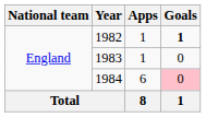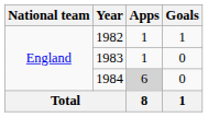 <table class="wikitable" style="text-align:center">
 <tr>
 <th>National team</th>
 <th>Year</th>
 <th>Apps</th>
 <th>Goals</th>
 </tr>
 <tr>
 <td rowspan="3"><a href='#'>England</a></td>
 <td>1982</td>
 <td>1</td>
-<td><strong>1</strong></td>
+<td>1</td>
 </tr>
 <tr>
 <td>1983</td>
 <td>1</td>
 <td>0</td>
 </tr>
 <tr>
 <td>1984</td>
-<td>6</td>
-<td style="background: pink;">0</td>
+<td style="background: lightgrey;">6</td>
+<td>0</td>
 </tr>
 <tr>
 <th colspan="2">Total</th>
 <th>8</th>
 <th>1</th>
 </tr>
 </table>
